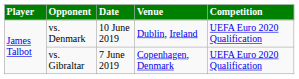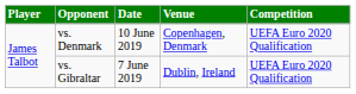 <table class="wikitable" style="width:75%;">
 <tr>
 <th style="background:green; color:white; text-align:left;">Player</th>
 <th style="background:green; color:white; text-align:left;">Opponent</th>
 <th style="background:green; color:white; text-align:left;">Date</th>
 <th style="background:green; color:white; text-align:left;">Venue</th>
 <th style="background:green; color:white; text-align:left;">Competition</th>
 </tr>
 <tr>
 <td rowspan="3"><a href='#'>James Talbot</a></td>
 </tr>
 <tr>
 <td>vs.  Denmark</td>
 <td>10 June 2019</td>
-<td><a href='#'>Dublin</a>, <a href='#'>Ireland</a></td>
+<td><a href='#'>Copenhagen</a>, <a href='#'>Denmark</a></td>
 <td><a href='#'>UEFA Euro 2020 Qualification</a></td>
 </tr>
 <tr>
 <td>vs.  Gibraltar</td>
 <td>7 June 2019</td>
-<td><a href='#'>Copenhagen</a>, <a href='#'>Denmark</a></td>
+<td><a href='#'>Dublin</a>, <a href='#'>Ireland</a></td>
 <td><a href='#'>UEFA Euro 2020 Qualification</a></td>
 </tr>
 </table>
